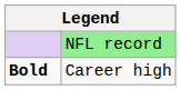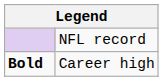 <table class="wikitable">
 <tr>
 <th colspan="2">Legend</th>
 </tr>
 <tr>
 <td style="background:#e0cef2; width:3em;"></td>
-<td style="background: lightgreen;">NFL record</td>
+<td>NFL record</td>
 </tr>
 <tr>
 <td style="width:3em;"><strong>Bold</strong></td>
 <td>Career high</td>
 </tr>
 </table>
